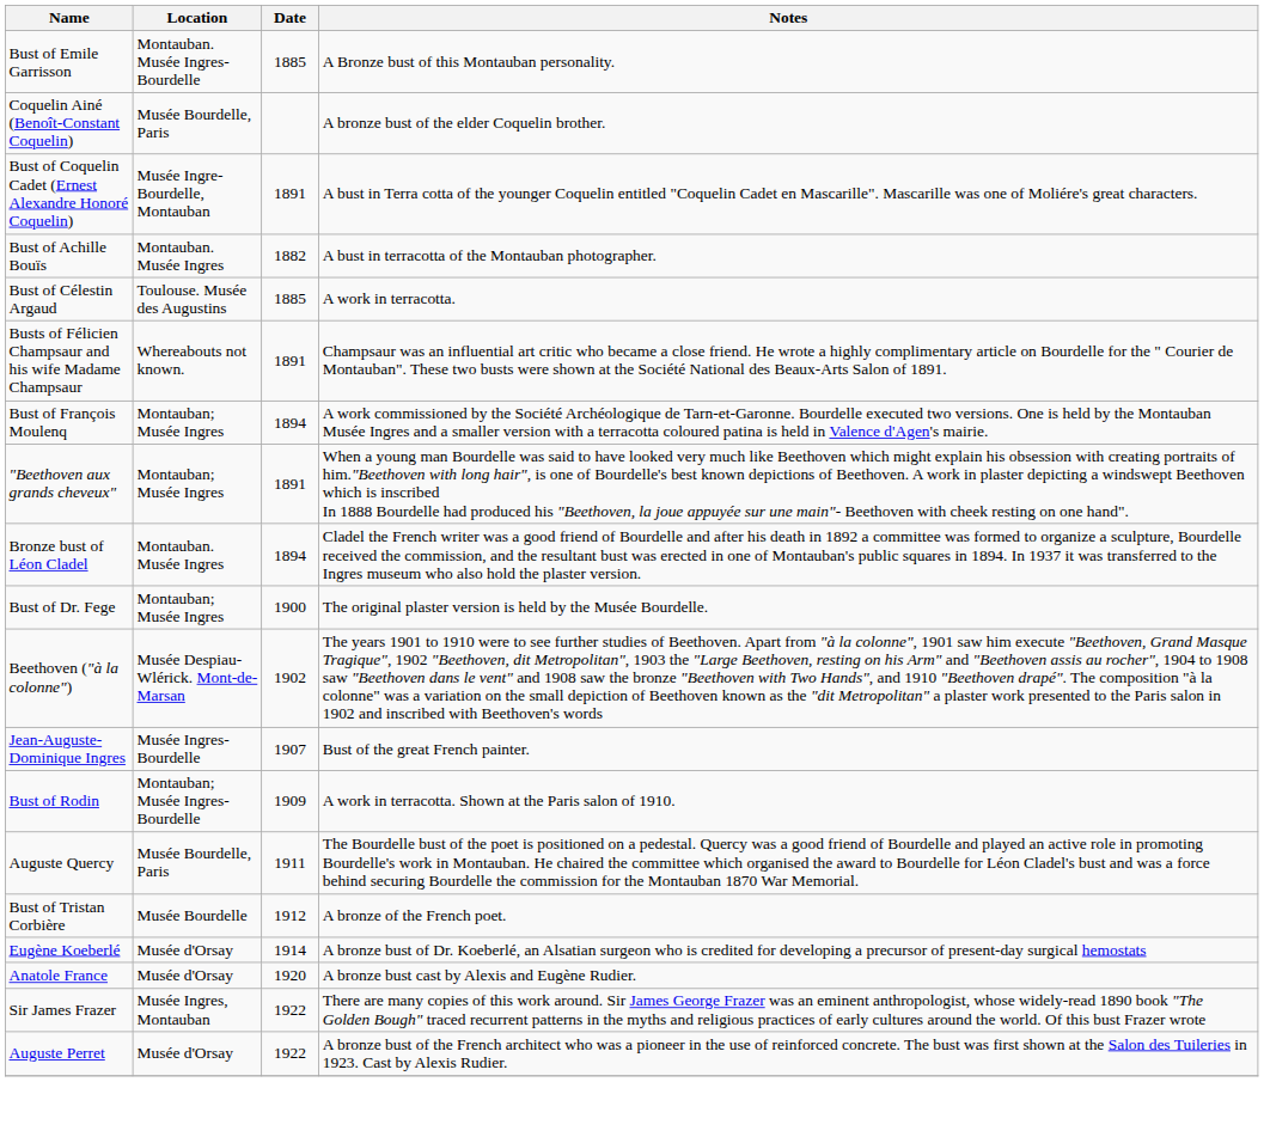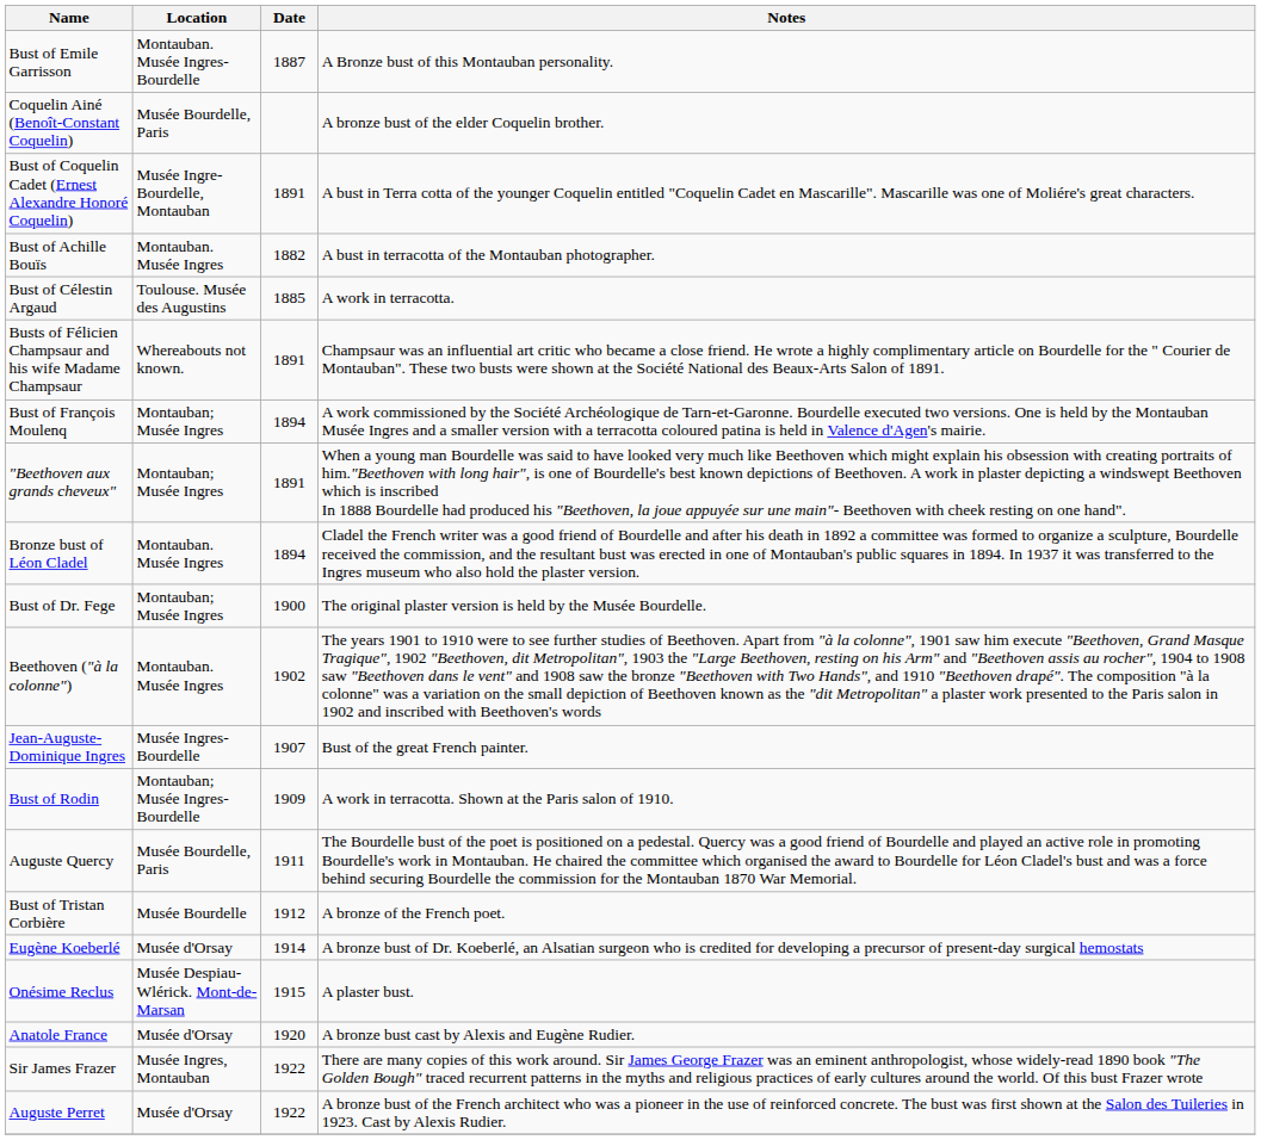 <table class="wikitable sortable plainrowheaders">
 <tr>
 <th style="width:120px">Name</th>
 <th style="width:120px">Location</th>
 <th style="width:50px">Date</th>
 <th class="unsortable">Notes</th>
 </tr>
 <tr>
 <td>Bust of Emile Garrisson</td>
 <td>Montauban. Musée Ingres-Bourdelle</td>
-<td align="center">1885</td>
+<td align="center">1887</td>
 <td>A Bronze bust of this Montauban personality.<br></td>
 </tr>
 <tr>
 <td>Coquelin Ainé (<a href='#'>Benoît-Constant Coquelin</a>)</td>
 <td>Musée Bourdelle, Paris</td>
 <td align="center"></td>
 <td>A bronze bust of the elder Coquelin brother.</td>
 </tr>
 <tr>
 <td>Bust of Coquelin Cadet (<a href='#'>Ernest Alexandre Honoré Coquelin</a>)</td>
 <td>Musée Ingre-Bourdelle, Montauban</td>
 <td align="center">1891</td>
 <td>A bust in Terra cotta of the younger Coquelin entitled  "Coquelin Cadet en Mascarille". Mascarille was one of Moliére's great characters.<br></td>
 </tr>
 <tr>
 <td>Bust of Achille Bouïs</td>
 <td>Montauban. Musée Ingres</td>
 <td align="center">1882</td>
 <td>A bust in terracotta of the Montauban photographer.</td>
 </tr>
 <tr>
 <td>Bust of Célestin Argaud</td>
 <td>Toulouse. Musée des Augustins</td>
 <td align="center">1885</td>
 <td>A work in terracotta.</td>
 </tr>
 <tr>
 <td>Busts of Félicien Champsaur and his wife Madame Champsaur</td>
 <td>Whereabouts not known.</td>
 <td align="center">1891</td>
 <td>Champsaur was an influential art critic who became a close friend. He wrote a highly complimentary article on Bourdelle for the " Courier de Montauban". These two busts were shown at the Société National des Beaux-Arts Salon of 1891.</td>
 </tr>
 <tr>
 <td>Bust of François Moulenq</td>
 <td>Montauban; Musée Ingres</td>
 <td align="center">1894</td>
 <td>A work commissioned by the Société Archéologique de Tarn-et-Garonne.  Bourdelle executed two versions. One is held by the Montauban Musée Ingres and a smaller version with a terracotta coloured patina is held in <a href='#'>Valence d'Agen</a>'s mairie.<br></td>
 </tr>
 <tr>
 <td><em>"Beethoven aux grands cheveux"</em></td>
 <td>Montauban; Musée Ingres</td>
 <td align="center">1891</td>
 <td>When a young man Bourdelle was said to have looked very much like Beethoven which might explain his obsession with creating portraits of him.<em>"Beethoven with long hair"</em>, is one of Bourdelle's best known depictions of Beethoven. A work in plaster depicting a windswept Beethoven which is inscribed <br>In 1888 Bourdelle had produced his <em>"Beethoven, la joue appuyée sur une main"</em>- Beethoven with cheek resting on one hand". </td>
 </tr>
 <tr>
 <td>Bronze bust of <a href='#'>Léon Cladel</a></td>
 <td>Montauban. Musée Ingres</td>
 <td align="center">1894</td>
 <td>Cladel the French writer was a good friend of Bourdelle and after his death in 1892 a committee was formed to organize a sculpture, Bourdelle received the commission, and the resultant bust was erected in one of Montauban's public squares in 1894. In 1937 it was transferred to the Ingres museum who also hold the plaster version.<br></td>
 </tr>
 <tr>
 <td>Bust of Dr. Fege</td>
 <td>Montauban; Musée Ingres</td>
 <td align="center">1900</td>
 <td>The original plaster version is held by the Musée Bourdelle.</td>
 </tr>
 <tr>
 <td>Beethoven (<em>"à la colonne"</em>)</td>
-<td>Musée Despiau-Wlérick. <a href='#'>Mont-de-Marsan</a></td>
+<td>Montauban. Musée Ingres</td>
 <td align="center">1902</td>
 <td>The years 1901 to 1910 were to see further studies of Beethoven. Apart from <em>"à la colonne"</em>, 1901 saw him execute <em>"Beethoven, Grand Masque Tragique"</em>,  1902 <em>"Beethoven, dit Metropolitan"</em>, 1903 the <em>"Large Beethoven, resting on his Arm"</em> and <em>"Beethoven assis au rocher"</em>, 1904 to 1908 saw <em>"Beethoven dans le vent"</em> and 1908 saw the bronze <em>"Beethoven with Two Hands"</em>, and 1910 <em>"Beethoven drapé"</em>. The composition "à la colonne" was a variation on the small depiction of Beethoven known as the <em>"dit Metropolitan"</em> a plaster work presented to the Paris salon in 1902 and inscribed with Beethoven's words <br></td>
 </tr>
 <tr>
 <td><a href='#'>Jean-Auguste-Dominique Ingres</a></td>
 <td>Musée Ingres-Bourdelle</td>
 <td align="center">1907</td>
 <td>Bust of the great French painter.<br></td>
 </tr>
 <tr>
 <td><a href='#'>Bust of Rodin</a></td>
 <td>Montauban; Musée Ingres-Bourdelle</td>
 <td align="center">1909</td>
 <td>A work in terracotta. Shown at the Paris salon of 1910.<br></td>
 </tr>
 <tr>
 <td>Auguste Quercy</td>
 <td>Musée Bourdelle, Paris</td>
 <td align="center">1911</td>
 <td>The Bourdelle bust of the poet is positioned on a pedestal. Quercy was a good friend of Bourdelle and played an active role in promoting Bourdelle's work in Montauban. He chaired the committee which organised the award to Bourdelle for Léon Cladel's bust and was a force behind securing Bourdelle the commission for the Montauban 1870 War Memorial.<br></td>
 </tr>
 <tr>
 <td>Bust of Tristan Corbière</td>
 <td>Musée Bourdelle</td>
 <td align="center">1912</td>
 <td>A bronze of the French poet.</td>
 </tr>
 <tr>
 <td><a href='#'>Eugène Koeberlé</a></td>
 <td>Musée d'Orsay</td>
 <td align="center">1914</td>
 <td>A bronze bust of Dr. Koeberlé, an Alsatian surgeon who is credited for developing a precursor of present-day surgical <a href='#'>hemostats</a></td>
 </tr>
 <tr>
+<td><a href='#'>Onésime Reclus</a></td>
+<td>Musée Despiau-Wlérick. <a href='#'>Mont-de-Marsan</a></td>
+<td align="center">1915</td>
+<td>A plaster bust.</td>
+</tr>
+<tr>
 <td><a href='#'>Anatole France</a></td>
 <td>Musée d'Orsay</td>
 <td align="center">1920</td>
 <td>A bronze bust cast by Alexis and Eugène Rudier.<br></td>
 </tr>
 <tr>
 <td>Sir James Frazer</td>
 <td>Musée Ingres, Montauban</td>
 <td align="center">1922</td>
 <td>There are many copies of this work around. Sir <a href='#'>James George Frazer</a>  was an eminent anthropologist, whose widely-read 1890 book <em>"The Golden Bough"</em> traced recurrent patterns in the myths and religious practices of early cultures around the world. Of this bust Frazer wrote <br></td>
 </tr>
 <tr>
 <td><a href='#'>Auguste Perret</a></td>
 <td>Musée d'Orsay</td>
 <td align="center">1922</td>
 <td>A bronze bust of the French architect who was a pioneer in the use of reinforced concrete. The bust was first shown at the <a href='#'>Salon des Tuileries</a> in 1923. Cast by Alexis Rudier.</td>
 </tr>
 <tr>
 </tr>
 </table>
